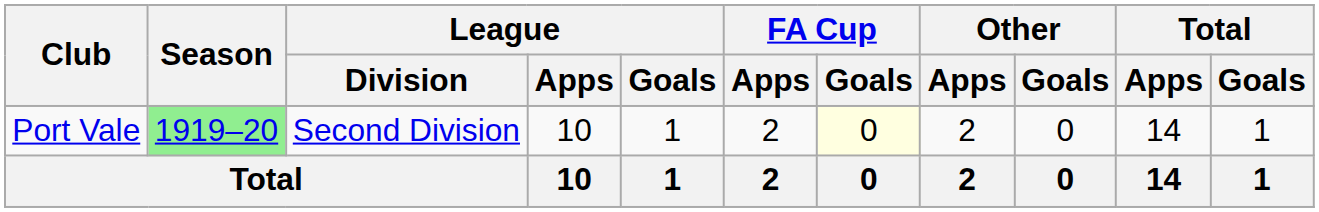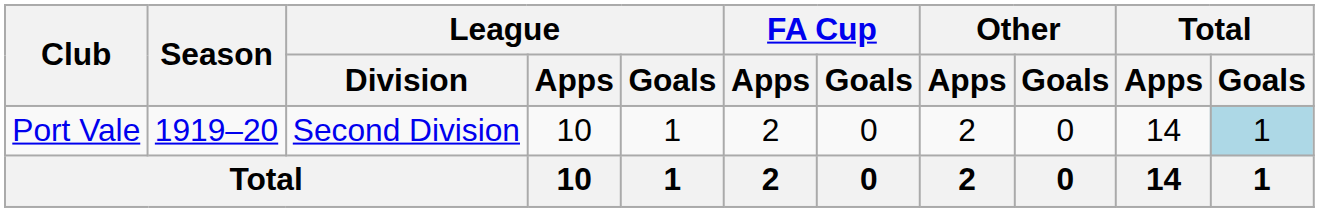 <table class="wikitable" style="text-align:center">
 <tr>
 <th rowspan="2">Club</th>
 <th rowspan="2">Season</th>
 <th colspan="3">League</th>
 <th colspan="2"><a href='#'>FA Cup</a></th>
 <th colspan="2">Other</th>
 <th colspan="2">Total</th>
 </tr>
 <tr>
 <th>Division</th>
 <th>Apps</th>
 <th>Goals</th>
 <th>Apps</th>
 <th>Goals</th>
 <th>Apps</th>
 <th>Goals</th>
 <th>Apps</th>
 <th>Goals</th>
 </tr>
 <tr>
 <td rowspan="1"><a href='#'>Port Vale</a></td>
-<td style="background: lightgreen;"><a href='#'>1919–20</a></td>
+<td><a href='#'>1919–20</a></td>
 <td rowspan="1"><a href='#'>Second Division</a></td>
 <td>10</td>
 <td>1</td>
 <td>2</td>
-<td style="background: lightyellow;">0</td>
+<td>0</td>
 <td>2</td>
 <td>0</td>
 <td>14</td>
-<td>1</td>
+<td style="background: lightblue;">1</td>
 </tr>
 <tr>
 <th colspan="3">Total</th>
 <th>10</th>
 <th>1</th>
 <th>2</th>
 <th>0</th>
 <th>2</th>
 <th>0</th>
 <th>14</th>
 <th>1</th>
 </tr>
 </table>
